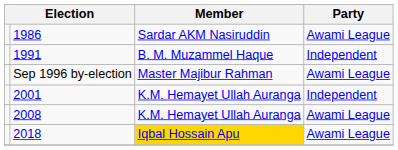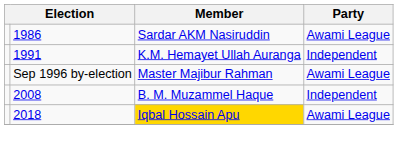 <table class="wikitable">
 <tr>
 <th colspan="2">Election</th>
 <th>Member</th>
 <th>Party</th>
 </tr>
 <tr>
 <td style="background-color:"></td>
 <td><a href='#'>1986</a></td>
 <td><a href='#'>Sardar AKM Nasiruddin</a></td>
 <td><a href='#'>Awami League</a></td>
 </tr>
 <tr>
 <td style="background-color:"></td>
 <td><a href='#'>1991</a></td>
-<td><a href='#'>B. M. Muzammel Haque</a></td>
+<td><a href='#'>K.M. Hemayet Ullah Auranga</a></td>
 <td><a href='#'>Independent</a></td>
 </tr>
 <tr>
 <td style="background-color:"></td>
 <td>Sep 1996 by-election</td>
 <td><a href='#'>Master Majibur Rahman</a></td>
 <td><a href='#'>Awami League</a></td>
 </tr>
 <tr>
 <td style="background-color:"></td>
-<td><a href='#'>2001</a></td>
-<td><a href='#'>K.M. Hemayet Ullah Auranga</a></td>
+<td><a href='#'>2008</a></td>
+<td><a href='#'>B. M. Muzammel Haque</a></td>
 <td><a href='#'>Independent</a></td>
-</tr>
-<tr>
-<td style="background-color:"></td>
-<td><a href='#'>2008</a></td>
-<td><a href='#'>K.M. Hemayet Ullah Auranga</a></td>
-<td><a href='#'>Awami League</a></td>
 </tr>
 <tr>
 <td style="background-color:"></td>
 <td><a href='#'>2018</a></td>
 <td style="background: gold;"><a href='#'>Iqbal Hossain Apu</a></td>
 <td><a href='#'>Awami League</a></td>
 </tr>
 <tr>
 </tr>
 </table>
